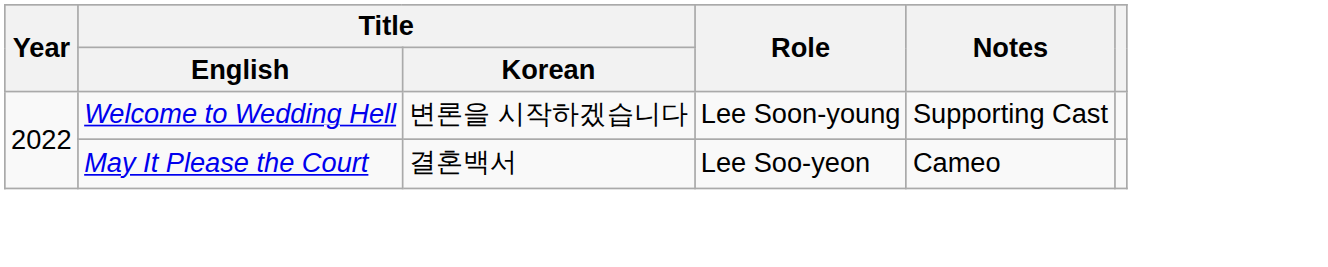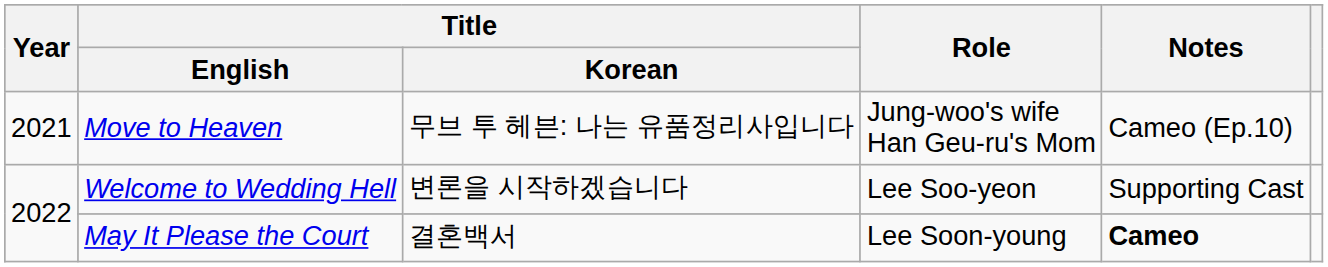 <table class="wikitable sortable">
 <tr>
 <th scope="col" rowspan="2">Year</th>
 <th scope="col" colspan="2">Title</th>
 <th scope="col" rowspan="2">Role</th>
 <th scope="col" rowspan="2" class="unsortable">Notes</th>
 <th scope="col" rowspan="2" class="unsortable"></th>
 </tr>
 <tr>
 <th>English</th>
 <th>Korean</th>
 </tr>
 <tr>
+<td scope="row">2021</td>
+<td><em><a href='#'>Move to Heaven</a></em></td>
+<td>무브 투 헤븐: 나는 유품정리사입니다</td>
+<td>Jung-woo's wife<br>Han Geu-ru's Mom</td>
+<td>Cameo (Ep.10)<br></td>
+<td></td>
+</tr>
+<tr>
 <td rowspan="2" scope="row">2022</td>
 <td><em><a href='#'>Welcome to Wedding Hell</a></em></td>
 <td>변론을 시작하겠습니다</td>
-<td>Lee Soon-young</td>
+<td>Lee Soo-yeon</td>
 <td>Supporting Cast<br></td>
 <td></td>
 </tr>
 <tr>
 <td><em><a href='#'>May It Please the Court</a></em></td>
 <td>결혼백서</td>
-<td>Lee Soo-yeon</td>
-<td>Cameo<br></td>
+<td>Lee Soon-young</td>
+<td><strong>Cameo<br></strong></td>
 <td></td>
 </tr>
 </table>
